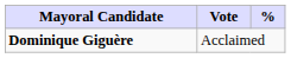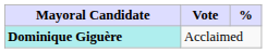 <table class="wikitable">
 <tr>
 <th style="background:#ddf; width:200px;">Mayoral Candidate</th>
 <th style="background:#ddf; width:50px;">Vote</th>
 <th style="background:#ddf; width:30px;">%</th>
 </tr>
 <tr>
-<td><strong>Dominique Giguère</strong></td>
+<td style="background: paleturquoise;"><strong>Dominique Giguère</strong></td>
 <td colspan="2">Acclaimed</td>
 </tr>
 </table>
